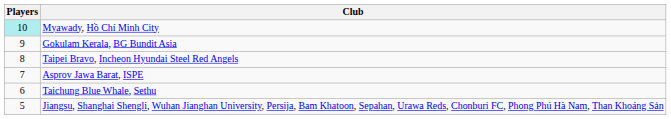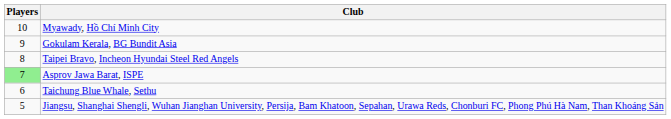 <table class="wikitable">
 <tr>
 <th>Players</th>
 <th>Club</th>
 </tr>
 <tr>
-<td align="center" style="background: paleturquoise;">10</td>
+<td align="center">10</td>
 <td> <a href='#'>Myawady</a>,  <a href='#'>Hồ Chí Minh City</a></td>
 </tr>
 <tr>
 <td align="center">9</td>
 <td> <a href='#'>Gokulam Kerala</a>,  <a href='#'>BG Bundit Asia</a></td>
 </tr>
 <tr>
 <td align="center">8</td>
 <td> <a href='#'>Taipei Bravo</a>,  <a href='#'>Incheon Hyundai Steel Red Angels</a></td>
 </tr>
 <tr>
-<td align="center">7</td>
+<td align="center" style="background: lightgreen;">7</td>
 <td> <a href='#'>Asprov Jawa Barat</a>,  <a href='#'>ISPE</a></td>
 </tr>
 <tr>
 <td align="center">6</td>
 <td> <a href='#'>Taichung Blue Whale</a>,  <a href='#'>Sethu</a></td>
 </tr>
 <tr>
 <td align="center">5</td>
 <td> <a href='#'>Jiangsu</a>,  <a href='#'>Shanghai Shengli</a>,  <a href='#'>Wuhan Jianghan University</a>,  <a href='#'>Persija</a>,  <a href='#'>Bam Khatoon</a>,  <a href='#'>Sepahan</a>,  <a href='#'>Urawa Reds</a>,  <a href='#'>Chonburi FC</a>,  <a href='#'>Phong Phú Hà Nam</a>,  <a href='#'>Than Khoáng Sản</a></td>
 </tr>
 </table>
